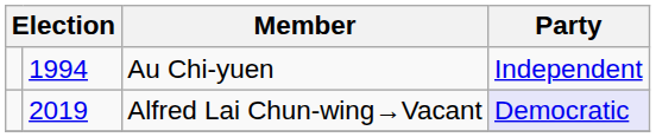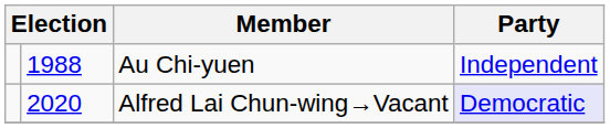 <table class="wikitable">
 <tr>
 <th colspan="2">Election</th>
 <th>Member</th>
 <th>Party</th>
 </tr>
 <tr>
 <td style="color:inherit;background:"></td>
-<td><a href='#'>1994</a></td>
+<td><a href='#'>1988</a></td>
 <td>Au Chi-yuen</td>
 <td><a href='#'>Independent</a></td>
 </tr>
 <tr>
 <td style="color:inherit;background:"></td>
-<td><a href='#'>2019</a></td>
+<td><a href='#'>2020</a></td>
 <td>Alfred Lai Chun-wing→Vacant</td>
 <td style="background: lavender;"><a href='#'>Democratic</a></td>
 </tr>
 <tr>
 </tr>
 </table>
